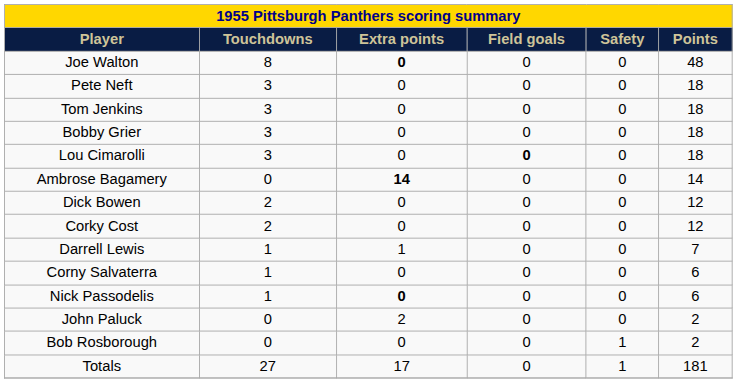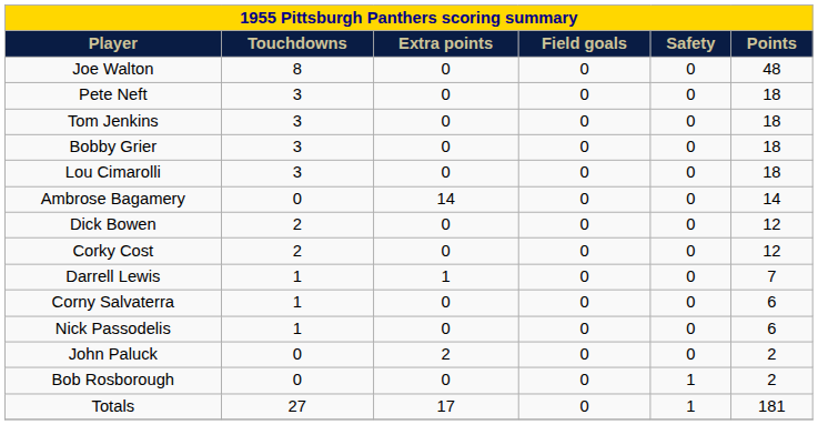 <table class="wikitable" width="50%">
 <tr>
 <th colspan="10" style="background:gold; color:darkblue; text-align: center;"><strong>1955 Pittsburgh Panthers scoring summary</strong></th>
 </tr>
 <tr align="center"  style="background:#091C44;color:#CEC499;">
 <td><strong>Player</strong></td>
 <td><strong>Touchdowns</strong></td>
 <td><strong>Extra points</strong></td>
 <td><strong>Field goals</strong></td>
 <td><strong>Safety</strong></td>
 <td><strong>Points</strong></td>
 </tr>
 <tr align="center" bgcolor="">
 <td>Joe Walton</td>
 <td>8</td>
-<td><strong>0</strong></td>
+<td>0</td>
 <td>0</td>
 <td>0</td>
 <td>48</td>
 </tr>
 <tr align="center" bgcolor="">
 <td>Pete Neft</td>
 <td>3</td>
 <td>0</td>
 <td>0</td>
 <td>0</td>
 <td>18</td>
 </tr>
 <tr align="center" bgcolor="">
 <td>Tom Jenkins</td>
 <td>3</td>
 <td>0</td>
 <td>0</td>
 <td>0</td>
 <td>18</td>
 </tr>
 <tr align="center" bgcolor="">
 <td>Bobby Grier</td>
 <td>3</td>
 <td>0</td>
 <td>0</td>
 <td>0</td>
 <td>18</td>
 </tr>
 <tr align="center" bgcolor="">
 <td>Lou Cimarolli</td>
 <td>3</td>
 <td>0</td>
-<td><strong>0</strong></td>
+<td>0</td>
 <td>0</td>
 <td>18</td>
 </tr>
 <tr align="center" bgcolor="">
 <td>Ambrose Bagamery</td>
 <td>0</td>
-<td><strong>14</strong></td>
+<td>14</td>
 <td>0</td>
 <td>0</td>
 <td>14</td>
 </tr>
 <tr align="center" bgcolor="">
 <td>Dick Bowen</td>
 <td>2</td>
 <td>0</td>
 <td>0</td>
 <td>0</td>
 <td>12</td>
 </tr>
 <tr align="center" bgcolor="">
 <td>Corky Cost</td>
 <td>2</td>
 <td>0</td>
 <td>0</td>
 <td>0</td>
 <td>12</td>
 </tr>
 <tr align="center" bgcolor="">
 <td>Darrell Lewis</td>
 <td>1</td>
 <td>1</td>
 <td>0</td>
 <td>0</td>
 <td>7</td>
 </tr>
 <tr align="center" bgcolor="">
 <td>Corny Salvaterra</td>
 <td>1</td>
 <td>0</td>
 <td>0</td>
 <td>0</td>
 <td>6</td>
 </tr>
 <tr align="center" bgcolor="">
 <td>Nick Passodelis</td>
 <td>1</td>
-<td><strong>0</strong></td>
+<td>0</td>
 <td>0</td>
 <td>0</td>
 <td>6</td>
 </tr>
 <tr align="center" bgcolor="">
 <td>John Paluck</td>
 <td>0</td>
 <td>2</td>
 <td>0</td>
 <td>0</td>
 <td>2</td>
 </tr>
 <tr align="center" bgcolor="">
 <td>Bob Rosborough</td>
 <td>0</td>
 <td>0</td>
 <td>0</td>
 <td>1</td>
 <td>2</td>
 </tr>
 <tr align="center" bgcolor="">
 <td>Totals</td>
 <td>27</td>
 <td>17</td>
 <td>0</td>
 <td>1</td>
 <td>181</td>
 </tr>
 <tr align="center" bgcolor="">
 </tr>
 </table>
